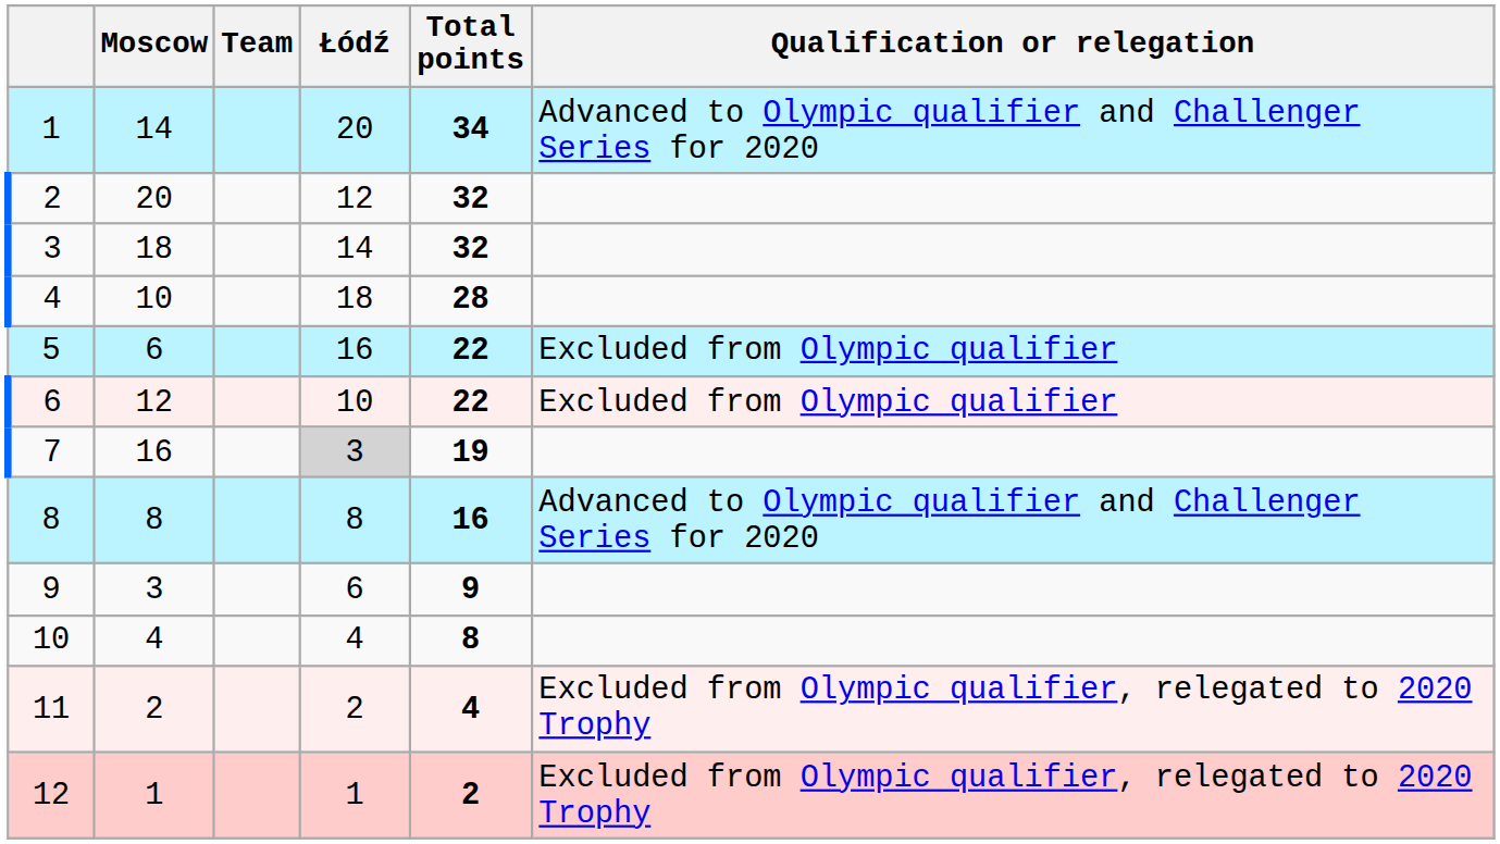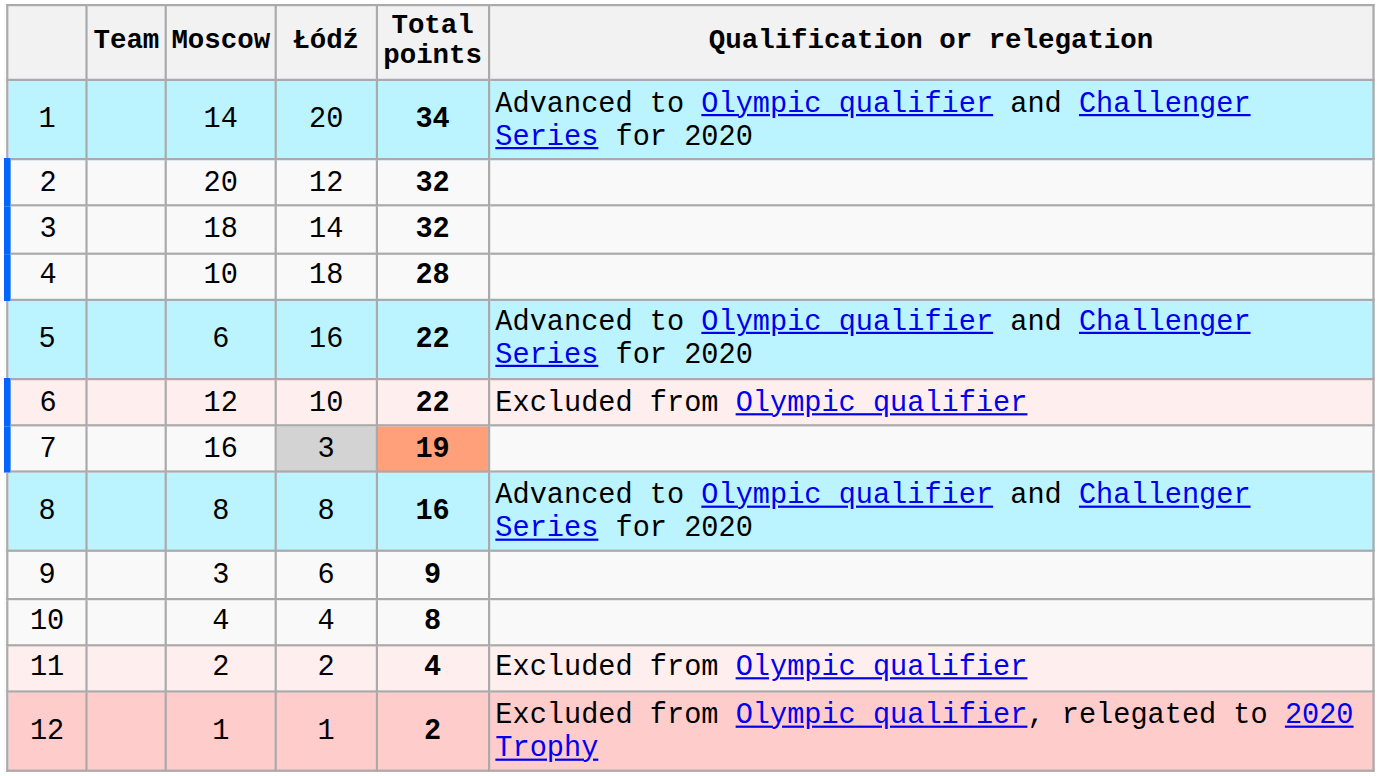 <table class="wikitable" style="text-align:center; margin-right:1px;">
 <tr style="font-size:96%;">
 <th style="width:2.5em; padding:2px;"></th>
+<th>Team</th>
 <th style="width:3.2em; padding:2px;">Moscow</th>
-<th>Team</th>
 <th style="width:3.2em;">Łódź</th>
 <th style="width:3.2em;">Total points</th>
 <th>Qualification or relegation</th>
 </tr>
 <tr style="background:#BBF3FF;">
 <td>1</td>
+<td align=left></td>
 <td>14</td>
-<td align=left></td>
 <td>20</td>
 <td><strong>34</strong></td>
 <td align=left>Advanced to <a href='#'>Olympic qualifier</a> and <a href='#'>Challenger Series</a> for 2020</td>
 </tr>
 <tr>
 <td style="border-left:3px solid #06f;">2</td>
+<td align=left></td>
 <td>20</td>
-<td align=left></td>
 <td>12</td>
 <td><strong>32</strong></td>
 <td></td>
 </tr>
 <tr>
 <td style="border-left:3px solid #06f;">3</td>
+<td align=left></td>
 <td>18</td>
-<td align=left></td>
 <td>14</td>
 <td><strong>32</strong></td>
 <td></td>
 </tr>
 <tr>
 <td style="border-left:3px solid #06f;">4</td>
+<td align=left></td>
 <td>10</td>
-<td align=left></td>
 <td>18</td>
 <td><strong>28</strong></td>
 <td></td>
 </tr>
 <tr style="background:#BBF3FF;">
 <td>5</td>
+<td align=left></td>
 <td>6</td>
-<td align=left></td>
 <td>16</td>
 <td><strong>22</strong></td>
-<td align=left>Excluded from <a href='#'>Olympic qualifier</a></td>
+<td align=left>Advanced to <a href='#'>Olympic qualifier</a> and <a href='#'>Challenger Series</a> for 2020</td>
 </tr>
 <tr bgcolor=ffeeee>
 <td style="border-left:3px solid #06f;">6</td>
+<td align=left></td>
 <td>12</td>
-<td align=left></td>
 <td>10</td>
 <td><strong>22</strong></td>
 <td align=left>Excluded from <a href='#'>Olympic qualifier</a></td>
 </tr>
 <tr>
 <td style="border-left:3px solid #06f;">7</td>
+<td align=left></td>
 <td>16</td>
-<td align=left></td>
 <td style="background: lightgrey;">3</td>
-<td><strong>19</strong></td>
+<td style="background: lightsalmon;"><strong>19</strong></td>
 <td></td>
 </tr>
 <tr style="background:#BBF3FF;">
 <td>8</td>
+<td align=left></td>
 <td>8</td>
-<td align=left></td>
 <td>8</td>
 <td><strong>16</strong></td>
 <td align=left>Advanced to <a href='#'>Olympic qualifier</a> and <a href='#'>Challenger Series</a> for 2020</td>
 </tr>
 <tr>
 <td>9</td>
+<td align=left></td>
 <td>3</td>
-<td align=left></td>
 <td>6</td>
 <td><strong>9</strong></td>
 <td></td>
 </tr>
 <tr>
 <td>10</td>
+<td align=left></td>
 <td>4</td>
-<td align=left></td>
 <td>4</td>
 <td><strong>8</strong></td>
 <td></td>
 </tr>
 <tr bgcolor=ffeeee>
 <td>11</td>
-<td>2</td>
 <td align=left></td>
 <td>2</td>
+<td>2</td>
 <td><strong>4</strong></td>
-<td align=left>Excluded from <a href='#'>Olympic qualifier</a>, relegated to <a href='#'>2020 Trophy</a></td>
+<td align=left>Excluded from <a href='#'>Olympic qualifier</a></td>
 </tr>
 <tr bgcolor=ffcccc>
 <td>12</td>
+<td align=left></td>
 <td>1</td>
-<td align=left></td>
 <td>1</td>
 <td><strong>2</strong></td>
 <td align=left>Excluded from <a href='#'>Olympic qualifier</a>, relegated to <a href='#'>2020 Trophy</a></td>
 </tr>
 </table>
